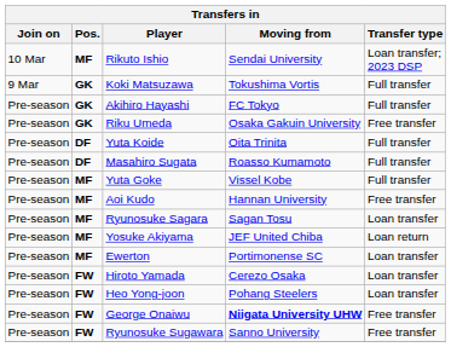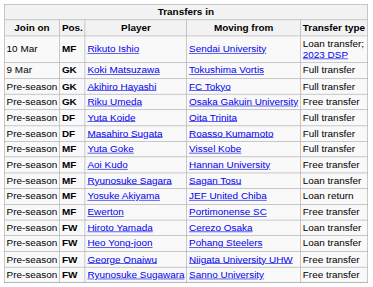 <table class="wikitable sortable" style=“text-align:left;>
 <tr>
 <th colspan="5">Transfers in</th>
 </tr>
 <tr>
 <th>Join on</th>
 <th>Pos.</th>
 <th>Player</th>
 <th>Moving from</th>
 <th>Transfer type</th>
 </tr>
 <tr>
 <td>10 Mar</td>
 <td><strong>MF</strong></td>
 <td> <a href='#'>Rikuto Ishio</a></td>
 <td> <a href='#'>Sendai University</a></td>
 <td>Loan transfer;<br> <a href='#'>2023 DSP</a></td>
 </tr>
 <tr>
 <td>9 Mar</td>
 <td><strong>GK</strong></td>
 <td> <a href='#'>Koki Matsuzawa</a></td>
 <td> <a href='#'>Tokushima Vortis</a></td>
 <td>Full transfer</td>
 </tr>
 <tr>
 <td>Pre-season</td>
 <td><strong>GK</strong></td>
 <td> <a href='#'>Akihiro Hayashi</a></td>
 <td> <a href='#'>FC Tokyo</a></td>
 <td>Full transfer</td>
 </tr>
 <tr>
 <td>Pre-season</td>
 <td><strong>GK</strong></td>
 <td> <a href='#'>Riku Umeda</a></td>
 <td> <a href='#'>Osaka Gakuin University</a></td>
 <td>Free transfer</td>
 </tr>
 <tr>
 <td>Pre-season</td>
 <td><strong>DF</strong></td>
 <td> <a href='#'>Yuta Koide</a></td>
 <td> <a href='#'>Oita Trinita</a></td>
 <td>Full transfer</td>
 </tr>
 <tr>
 <td>Pre-season</td>
 <td><strong>DF</strong></td>
 <td> <a href='#'>Masahiro Sugata</a></td>
 <td> <a href='#'>Roasso Kumamoto</a></td>
 <td>Full transfer</td>
 </tr>
 <tr>
 <td>Pre-season</td>
 <td><strong>MF</strong></td>
 <td> <a href='#'>Yuta Goke</a></td>
 <td> <a href='#'>Vissel Kobe</a></td>
 <td>Full transfer</td>
 </tr>
 <tr>
 <td>Pre-season</td>
 <td><strong>MF</strong></td>
 <td> <a href='#'>Aoi Kudo</a></td>
 <td> <a href='#'>Hannan University</a></td>
 <td>Free transfer</td>
 </tr>
 <tr>
 <td>Pre-season</td>
 <td><strong>MF</strong></td>
 <td> <a href='#'>Ryunosuke Sagara</a></td>
 <td> <a href='#'>Sagan Tosu</a></td>
 <td>Loan transfer</td>
 </tr>
 <tr>
 <td>Pre-season</td>
 <td><strong>MF</strong></td>
 <td> <a href='#'>Yosuke Akiyama</a></td>
 <td> <a href='#'>JEF United Chiba</a></td>
 <td>Loan return</td>
 </tr>
 <tr>
 <td>Pre-season</td>
 <td><strong>MF</strong></td>
 <td> <a href='#'>Ewerton</a></td>
 <td> <a href='#'>Portimonense SC</a></td>
-<td>Loan transfer</td>
+<td>Free transfer</td>
 </tr>
 <tr>
 <td>Pre-season</td>
 <td><strong>FW</strong></td>
 <td> <a href='#'>Hiroto Yamada</a></td>
 <td> <a href='#'>Cerezo Osaka</a></td>
 <td>Loan transfer</td>
 </tr>
 <tr>
 <td>Pre-season</td>
 <td><strong>FW</strong></td>
 <td> <a href='#'>Heo Yong-joon</a></td>
 <td> <a href='#'>Pohang Steelers</a></td>
 <td>Loan transfer</td>
 </tr>
 <tr>
 <td>Pre-season</td>
 <td><strong>FW</strong></td>
 <td> <a href='#'>George Onaiwu</a></td>
-<td><strong> <a href='#'>Niigata University UHW</a></strong></td>
+<td> <a href='#'>Niigata University UHW</a></td>
 <td>Free transfer</td>
 </tr>
 <tr>
 <td>Pre-season</td>
 <td><strong>FW</strong></td>
 <td> <a href='#'>Ryunosuke Sugawara</a></td>
 <td> <a href='#'>Sanno University</a></td>
 <td>Free transfer</td>
 </tr>
 <tr>
 </tr>
 </table>
